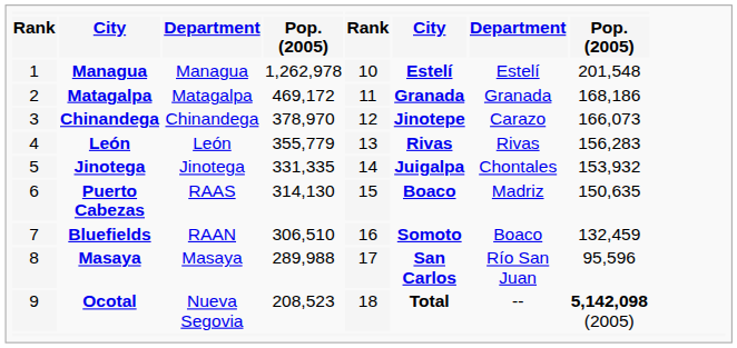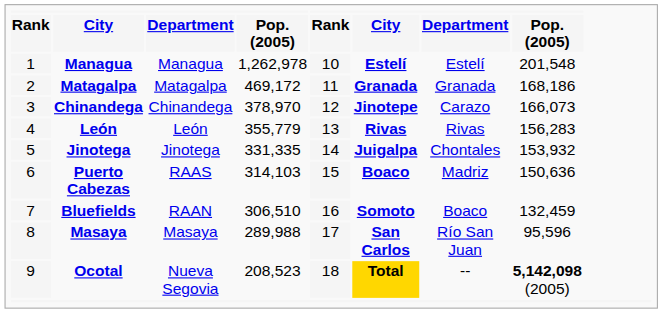 <table class="infobox" style="text-align:center; width:97%; margin:1em auto; font-size:90%; border:1px solid #aaa;">
 <tr>
 <th colspan="4" style="background:#f5f5f5;"></th>
 <th colspan="4" style="background:#f5f5f5;"></th>
 <th rowspan="10" valign="top" style="width:97%;"><br><br><br><br> <br></th>
 </tr>
 <tr>
 <th style="background:#f5f5f5;">Rank</th>
 <th style="background:#f5f5f5;"><a href='#'>City</a></th>
 <th style="background:#f5f5f5;"><a href='#'>Department</a></th>
 <th style="background:#f5f5f5;">Pop. (2005)</th>
 <th style="background:#f5f5f5;">Rank</th>
 <th style="background:#f5f5f5;"><a href='#'>City</a></th>
 <th style="background:#f5f5f5;"><a href='#'>Department</a></th>
 <th style="background:#f5f5f5;">Pop. (2005)</th>
 </tr>
 <tr>
 <td align=center style="background:#f5f5f5;">1</td>
 <td><strong><a href='#'>Managua</a></strong></td>
 <td><a href='#'>Managua</a></td>
 <td>1,262,978</td>
 <td align=center style="background:#f5f5f5;">10</td>
 <td><strong><a href='#'>Estelí</a></strong></td>
 <td><a href='#'>Estelí</a></td>
 <td>201,548</td>
 </tr>
 <tr>
 <td style="background:#f5f5f5;">2</td>
 <td><strong><a href='#'>Matagalpa</a></strong></td>
 <td><a href='#'>Matagalpa</a></td>
 <td>469,172</td>
 <td align=center style="background:#f5f5f5;">11</td>
 <td><strong><a href='#'>Granada</a></strong></td>
 <td><a href='#'>Granada</a></td>
 <td>168,186</td>
 </tr>
 <tr>
 <td align=center style="background:#f5f5f5;">3</td>
 <td><strong><a href='#'>Chinandega</a></strong></td>
 <td><a href='#'>Chinandega</a></td>
 <td>378,970</td>
 <td align=center style="background:#f5f5f5;">12</td>
 <td><strong><a href='#'>Jinotepe</a></strong></td>
 <td><a href='#'>Carazo</a></td>
 <td>166,073</td>
 </tr>
 <tr>
 <td align=center style="background:#f5f5f5;">4</td>
 <td><strong><a href='#'>León</a></strong></td>
 <td><a href='#'>León</a></td>
 <td>355,779</td>
 <td align=center style="background:#f5f5f5;">13</td>
 <td><strong><a href='#'>Rivas</a></strong></td>
 <td><a href='#'>Rivas</a></td>
 <td>156,283</td>
 </tr>
 <tr>
 <td align=center style="background:#f5f5f5;">5</td>
 <td><strong><a href='#'>Jinotega</a></strong></td>
 <td><a href='#'>Jinotega</a></td>
 <td>331,335</td>
 <td align=center style="background:#f5f5f5;">14</td>
 <td><strong><a href='#'>Juigalpa</a></strong></td>
 <td><a href='#'>Chontales</a></td>
 <td>153,932</td>
 </tr>
 <tr>
 <td align=center style="background:#f5f5f5;">6</td>
 <td><strong><a href='#'>Puerto Cabezas</a></strong></td>
 <td><a href='#'>RAAS</a></td>
-<td>314,130</td>
+<td>314,103</td>
 <td align=center style="background:#f5f5f5;">15</td>
 <td><strong><a href='#'>Boaco</a></strong></td>
 <td><a href='#'>Madriz</a></td>
-<td>150,635</td>
+<td>150,636</td>
 </tr>
 <tr>
 <td align=center style="background:#f5f5f5;">7</td>
 <td><strong><a href='#'>Bluefields</a></strong></td>
 <td><a href='#'>RAAN</a></td>
 <td>306,510</td>
 <td align=center style="background:#f5f5f5;">16</td>
 <td><strong><a href='#'>Somoto</a></strong></td>
 <td><a href='#'>Boaco</a></td>
 <td>132,459</td>
 </tr>
 <tr>
 <td align=center style="background:#f5f5f5;">8</td>
 <td><strong><a href='#'>Masaya</a></strong></td>
 <td><a href='#'>Masaya</a></td>
 <td>289,988</td>
 <td align=center style="background:#f5f5f5;">17</td>
 <td><strong><a href='#'>San Carlos</a></strong></td>
 <td><a href='#'>Río San Juan</a></td>
 <td>95,596</td>
 </tr>
 <tr>
 <td align=center style="background:#f5f5f5;">9</td>
 <td><strong><a href='#'>Ocotal</a></strong></td>
 <td><a href='#'>Nueva Segovia</a></td>
 <td>208,523</td>
 <td align=center style="background:#f5f5f5;">18</td>
-<td><strong>Total</strong></td>
+<td style="background: gold;"><strong>Total</strong></td>
 <td>--</td>
 <td><strong>5,142,098</strong> (2005)</td>
 </tr>
 <tr>
 <td colspan="9" style="background:#f5f5f5;"></td>
 </tr>
 </table>
